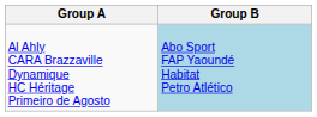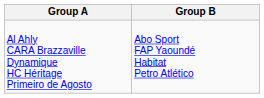 <table class="wikitable">
 <tr>
 <th width=195px>Group A</th>
 <th width=195px>Group B</th>
 </tr>
 <tr>
 <td valign=top><br> <a href='#'>Al Ahly</a><br>  <a href='#'>CARA Brazzaville</a><br>  <a href='#'>Dynamique</a><br>  <a href='#'>HC Héritage</a><br>  <a href='#'>Primeiro de Agosto</a></td>
-<td valign=top style="background: lightblue;"><br> <a href='#'>Abo Sport</a><br>  <a href='#'>FAP Yaoundé</a><br>  <a href='#'>Habitat</a><br>  <a href='#'>Petro Atlético</a></td>
+<td valign=top><br> <a href='#'>Abo Sport</a><br>  <a href='#'>FAP Yaoundé</a><br>  <a href='#'>Habitat</a><br>  <a href='#'>Petro Atlético</a></td>
 </tr>
 </table>
